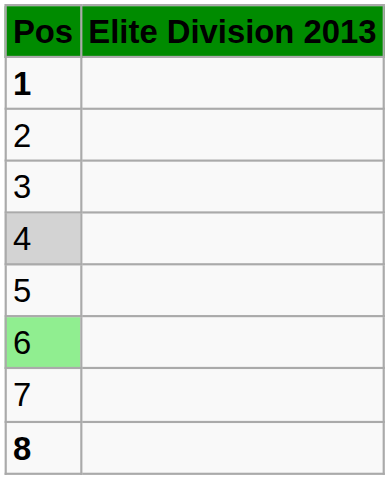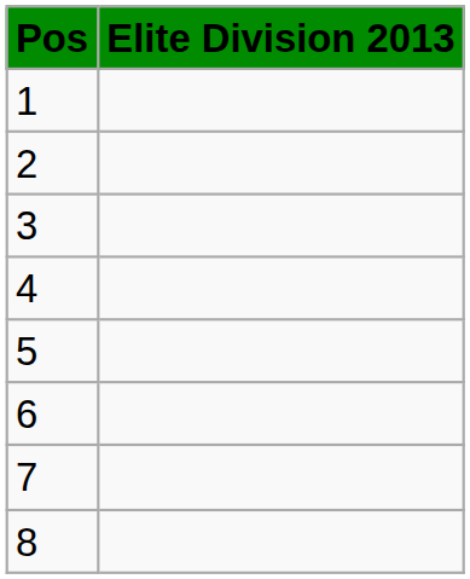 <table class="wikitable" style="margin:0.5em auto; font-size:95%">
 <tr style="background:#008b00;">
 <td><strong>Pos</strong></td>
 <td><strong>Elite Division 2013</strong></td>
 </tr>
 <tr>
-<td><strong>1</strong></td>
+<td>1</td>
 <td></td>
 </tr>
 <tr>
 <td>2</td>
 <td></td>
 </tr>
 <tr>
 <td>3</td>
 <td></td>
 </tr>
 <tr>
-<td style="background: lightgrey;">4</td>
+<td>4</td>
 <td></td>
 </tr>
 <tr>
 <td>5</td>
 <td></td>
 </tr>
 <tr>
-<td style="background: lightgreen;">6</td>
+<td>6</td>
 <td></td>
 </tr>
 <tr>
 <td>7</td>
 <td></td>
 </tr>
 <tr>
-<td><strong>8</strong></td>
+<td>8</td>
 <td></td>
 </tr>
 </table>
